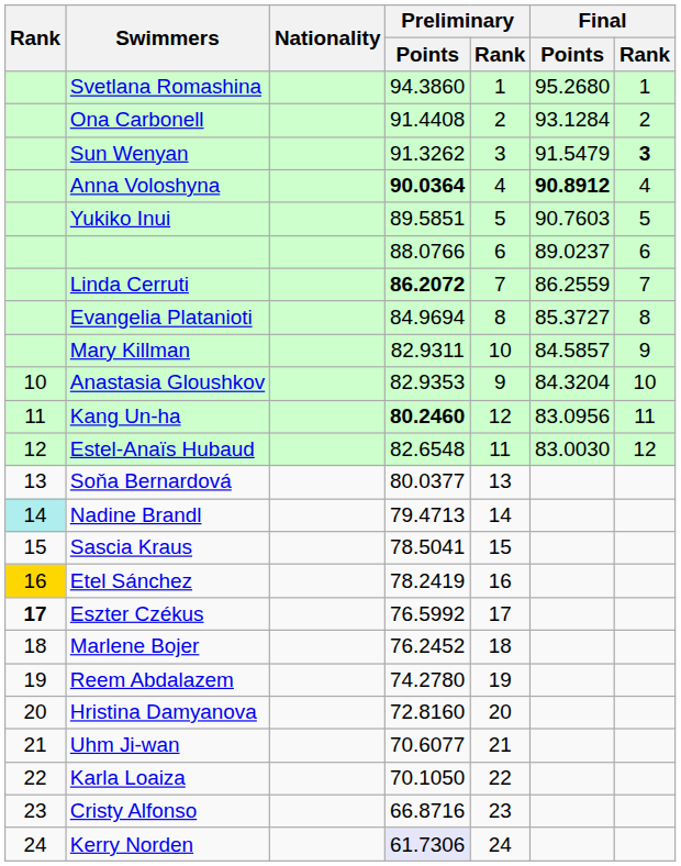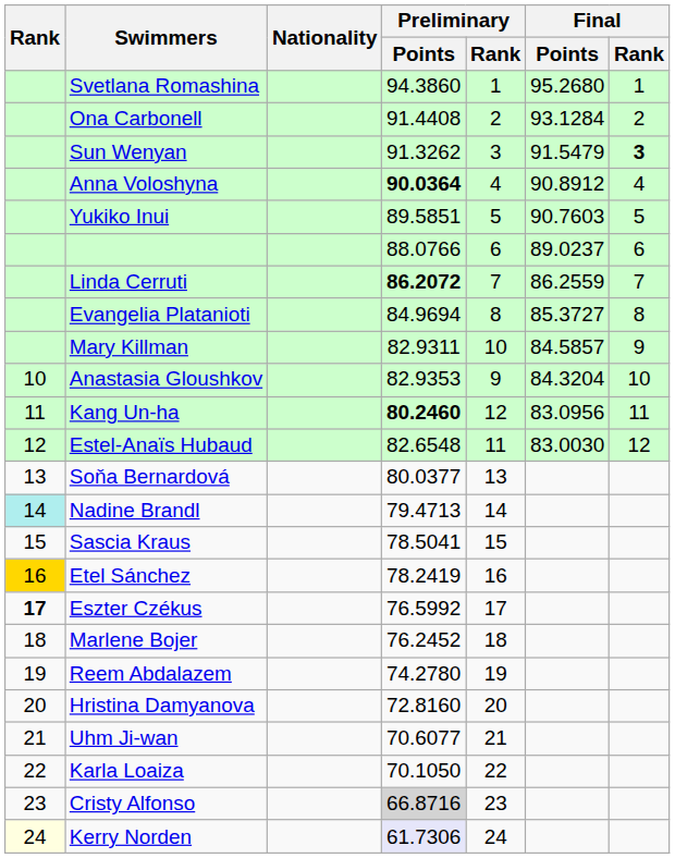 <table class="wikitable sortable" style="text-align:center">
 <tr>
 <th rowspan=2>Rank</th>
 <th rowspan=2>Swimmers</th>
 <th rowspan=2>Nationality</th>
 <th colspan=2>Preliminary</th>
 <th colspan=2>Final</th>
 </tr>
 <tr>
 <th>Points</th>
 <th>Rank</th>
 <th>Points</th>
 <th>Rank</th>
 </tr>
 <tr bgcolor=ccffcc>
 <td></td>
 <td align=left><a href='#'>Svetlana Romashina</a></td>
 <td align=left></td>
 <td>94.3860</td>
 <td>1</td>
 <td>95.2680</td>
 <td>1</td>
 </tr>
 <tr bgcolor=ccffcc>
 <td></td>
 <td align=left><a href='#'>Ona Carbonell</a></td>
 <td align=left></td>
 <td>91.4408</td>
 <td>2</td>
 <td>93.1284</td>
 <td>2</td>
 </tr>
 <tr bgcolor=ccffcc>
 <td></td>
 <td align=left><a href='#'>Sun Wenyan</a></td>
 <td align=left></td>
 <td>91.3262</td>
 <td>3</td>
 <td>91.5479</td>
 <td><strong>3</strong></td>
 </tr>
 <tr bgcolor=ccffcc>
 <td></td>
 <td align=left><a href='#'>Anna Voloshyna</a></td>
 <td align=left></td>
 <td><strong>90.0364</strong></td>
 <td>4</td>
-<td><strong>90.8912</strong></td>
+<td>90.8912</td>
 <td>4</td>
 </tr>
 <tr bgcolor=ccffcc>
 <td></td>
 <td align=left><a href='#'>Yukiko Inui</a></td>
 <td align=left></td>
 <td>89.5851</td>
 <td>5</td>
 <td>90.7603</td>
 <td>5</td>
 </tr>
 <tr bgcolor=ccffcc>
 <td></td>
 <td align=left></td>
 <td align=left></td>
 <td>88.0766</td>
 <td>6</td>
 <td>89.0237</td>
 <td>6</td>
 </tr>
 <tr bgcolor=ccffcc>
 <td></td>
 <td align=left><a href='#'>Linda Cerruti</a></td>
 <td align=left></td>
 <td><strong>86.2072</strong></td>
 <td>7</td>
 <td>86.2559</td>
 <td>7</td>
 </tr>
 <tr bgcolor=ccffcc>
 <td></td>
 <td align=left><a href='#'>Evangelia Platanioti</a></td>
 <td align=left></td>
 <td>84.9694</td>
 <td>8</td>
 <td>85.3727</td>
 <td>8</td>
 </tr>
 <tr bgcolor=ccffcc>
 <td></td>
 <td align=left><a href='#'>Mary Killman</a></td>
 <td align=left></td>
 <td>82.9311</td>
 <td>10</td>
 <td>84.5857</td>
 <td>9</td>
 </tr>
 <tr bgcolor=ccffcc>
 <td>10</td>
 <td align=left><a href='#'>Anastasia Gloushkov</a></td>
 <td align=left></td>
 <td>82.9353</td>
 <td>9</td>
 <td>84.3204</td>
 <td>10</td>
 </tr>
 <tr bgcolor=ccffcc>
 <td>11</td>
 <td align=left><a href='#'>Kang Un-ha</a></td>
 <td align=left></td>
 <td><strong>80.2460</strong></td>
 <td>12</td>
 <td>83.0956</td>
 <td>11</td>
 </tr>
 <tr bgcolor=ccffcc>
 <td>12</td>
 <td align=left><a href='#'>Estel-Anaïs Hubaud</a></td>
 <td align=left></td>
 <td>82.6548</td>
 <td>11</td>
 <td>83.0030</td>
 <td>12</td>
 </tr>
 <tr>
 <td>13</td>
 <td align=left><a href='#'>Soňa Bernardová</a></td>
 <td align=left></td>
 <td>80.0377</td>
 <td>13</td>
 <td></td>
 <td></td>
 </tr>
 <tr>
 <td style="background: paleturquoise;">14</td>
 <td align=left><a href='#'>Nadine Brandl</a></td>
 <td align=left></td>
 <td>79.4713</td>
 <td>14</td>
 <td></td>
 <td></td>
 </tr>
 <tr>
 <td>15</td>
 <td align=left><a href='#'>Sascia Kraus</a></td>
 <td align=left></td>
 <td>78.5041</td>
 <td>15</td>
 <td></td>
 <td></td>
 </tr>
 <tr>
 <td style="background: gold;">16</td>
 <td align=left><a href='#'>Etel Sánchez</a></td>
 <td align=left></td>
 <td>78.2419</td>
 <td>16</td>
 <td></td>
 <td></td>
 </tr>
 <tr>
 <td><strong>17</strong></td>
 <td align=left><a href='#'>Eszter Czékus</a></td>
 <td align=left></td>
 <td>76.5992</td>
 <td>17</td>
 <td></td>
 <td></td>
 </tr>
 <tr>
 <td>18</td>
 <td align=left><a href='#'>Marlene Bojer</a></td>
 <td align=left></td>
 <td>76.2452</td>
 <td>18</td>
 <td></td>
 <td></td>
 </tr>
 <tr>
 <td>19</td>
 <td align=left><a href='#'>Reem Abdalazem</a></td>
 <td align=left></td>
 <td>74.2780</td>
 <td>19</td>
 <td></td>
 <td></td>
 </tr>
 <tr>
 <td>20</td>
 <td align=left><a href='#'>Hristina Damyanova</a></td>
 <td align=left></td>
 <td>72.8160</td>
 <td>20</td>
 <td></td>
 <td></td>
 </tr>
 <tr>
 <td>21</td>
 <td align=left><a href='#'>Uhm Ji-wan</a></td>
 <td align=left></td>
 <td>70.6077</td>
 <td>21</td>
 <td></td>
 <td></td>
 </tr>
 <tr>
 <td>22</td>
 <td align=left><a href='#'>Karla Loaiza</a></td>
 <td align=left></td>
 <td>70.1050</td>
 <td>22</td>
 <td></td>
 <td></td>
 </tr>
 <tr>
 <td>23</td>
 <td align=left><a href='#'>Cristy Alfonso</a></td>
 <td align=left></td>
-<td>66.8716</td>
+<td style="background: lightgrey;">66.8716</td>
 <td>23</td>
 <td></td>
 <td></td>
 </tr>
 <tr>
-<td>24</td>
+<td style="background: lightyellow;">24</td>
 <td align=left><a href='#'>Kerry Norden</a></td>
 <td align=left></td>
 <td style="background: lavender;">61.7306</td>
 <td>24</td>
 <td></td>
 <td></td>
 </tr>
 </table>
